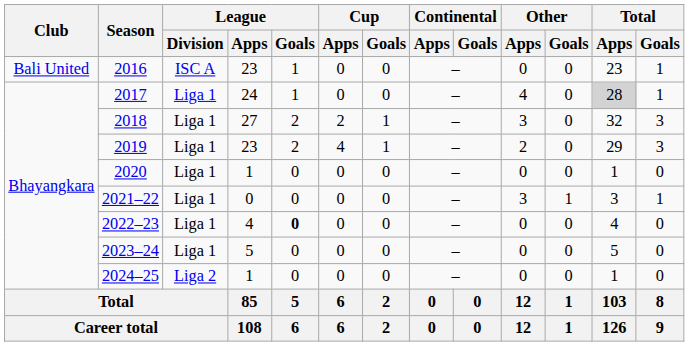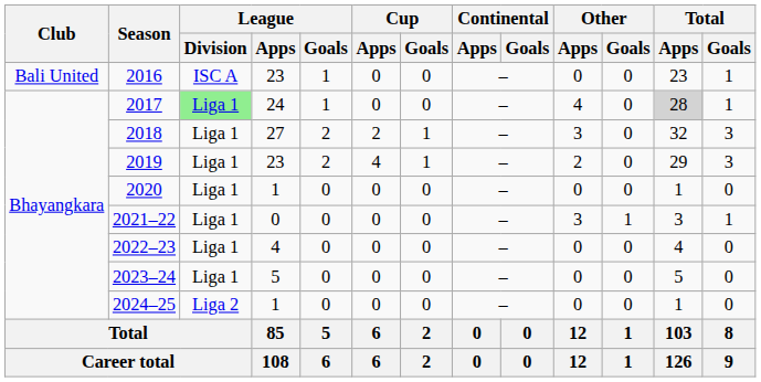 <table class="wikitable" style="text-align:center">
 <tr>
 <th rowspan="2">Club</th>
 <th rowspan="2">Season</th>
 <th colspan="3">League</th>
 <th colspan="2">Cup</th>
 <th colspan="2">Continental</th>
 <th colspan="2">Other</th>
 <th colspan="2">Total</th>
 </tr>
 <tr>
 <th>Division</th>
 <th>Apps</th>
 <th>Goals</th>
 <th>Apps</th>
 <th>Goals</th>
 <th>Apps</th>
 <th>Goals</th>
 <th>Apps</th>
 <th>Goals</th>
 <th>Apps</th>
 <th>Goals</th>
 </tr>
 <tr>
 <td rowspan="1" valign="center"><a href='#'>Bali United</a></td>
 <td><a href='#'>2016</a></td>
 <td><a href='#'>ISC A</a></td>
 <td>23</td>
 <td>1</td>
 <td>0</td>
 <td>0</td>
 <td colspan=2>–</td>
 <td>0</td>
 <td>0</td>
 <td>23</td>
 <td>1</td>
 </tr>
 <tr>
 <td rowspan="8" valign="center"><a href='#'>Bhayangkara</a></td>
 <td><a href='#'>2017</a></td>
-<td rowspan="1" valign="center"><a href='#'>Liga 1</a></td>
+<td rowspan="1" valign="center" style="background: lightgreen;"><a href='#'>Liga 1</a></td>
 <td>24</td>
 <td>1</td>
 <td>0</td>
 <td>0</td>
 <td colspan=2>–</td>
 <td>4</td>
 <td>0</td>
 <td style="background: lightgrey;">28</td>
 <td>1</td>
 </tr>
 <tr>
 <td><a href='#'>2018</a></td>
 <td rowspan="1" valign="center">Liga 1</td>
 <td>27</td>
 <td>2</td>
 <td>2</td>
 <td>1</td>
 <td colspan=2>–</td>
 <td>3</td>
 <td>0</td>
 <td>32</td>
 <td>3</td>
 </tr>
 <tr>
 <td><a href='#'>2019</a></td>
 <td rowspan="1" valign="center">Liga 1</td>
 <td>23</td>
 <td>2</td>
 <td>4</td>
 <td>1</td>
 <td colspan=2>–</td>
 <td>2</td>
 <td>0</td>
 <td>29</td>
 <td>3</td>
 </tr>
 <tr>
 <td><a href='#'>2020</a></td>
 <td rowspan="1" valign="center">Liga 1</td>
 <td>1</td>
 <td>0</td>
 <td>0</td>
 <td>0</td>
 <td colspan=2>–</td>
 <td>0</td>
 <td>0</td>
 <td>1</td>
 <td>0</td>
 </tr>
 <tr>
 <td><a href='#'>2021–22</a></td>
 <td rowspan="1" valign="center">Liga 1</td>
 <td>0</td>
 <td>0</td>
 <td>0</td>
 <td>0</td>
 <td colspan=2>–</td>
 <td>3</td>
 <td>1</td>
 <td>3</td>
 <td>1</td>
 </tr>
 <tr>
 <td><a href='#'>2022–23</a></td>
 <td rowspan="1" valign="center">Liga 1</td>
 <td>4</td>
-<td><strong>0</strong></td>
+<td>0</td>
 <td>0</td>
 <td>0</td>
 <td colspan=2>–</td>
 <td>0</td>
 <td>0</td>
 <td>4</td>
 <td>0</td>
 </tr>
 <tr>
 <td><a href='#'>2023–24</a></td>
 <td>Liga 1</td>
 <td>5</td>
 <td>0</td>
 <td>0</td>
 <td>0</td>
 <td colspan="2">–</td>
 <td>0</td>
 <td>0</td>
 <td>5</td>
 <td>0</td>
 </tr>
 <tr>
 <td><a href='#'>2024–25</a></td>
 <td><a href='#'>Liga 2</a></td>
 <td>1</td>
 <td>0</td>
 <td>0</td>
 <td>0</td>
 <td colspan="2">–</td>
 <td>0</td>
 <td>0</td>
 <td>1</td>
 <td>0</td>
 </tr>
 <tr>
 <th colspan="3">Total</th>
 <th>85</th>
 <th>5</th>
 <th>6</th>
 <th>2</th>
 <th>0</th>
 <th>0</th>
 <th>12</th>
 <th>1</th>
 <th>103</th>
 <th>8</th>
 </tr>
 <tr>
 <th colspan="3">Career total</th>
 <th>108</th>
 <th>6</th>
 <th>6</th>
 <th>2</th>
 <th>0</th>
 <th>0</th>
 <th>12</th>
 <th>1</th>
 <th>126</th>
 <th>9</th>
 </tr>
 </table>
